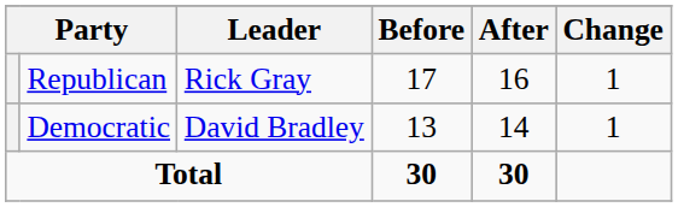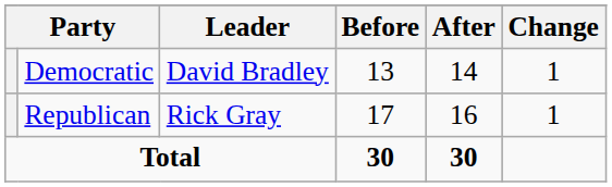 <table class="wikitable" style="text-align:center;">
 <tr>
 </tr>
 <tr>
 <th colspan=2>Party</th>
 <th>Leader</th>
 <th>Before</th>
 <th>After</th>
 <th>Change</th>
 </tr>
 <tr>
 <th style="background-color:"></th>
+<td style="text-align:left;"><a href='#'>Democratic</a></td>
+<td style="text-align:left;"><a href='#'>David Bradley</a></td>
+<td>13</td>
+<td>14</td>
+<td> 1</td>
+</tr>
+<tr>
+<th style="background-color:"></th>
 <td style="text-align:left;"><a href='#'>Republican</a></td>
 <td style="text-align:left;"><a href='#'>Rick Gray</a></td>
 <td>17</td>
 <td>16</td>
-<td> 1</td>
-</tr>
-<tr>
-<th style="background-color:"></th>
-<td style="text-align:left;"><a href='#'>Democratic</a></td>
-<td style="text-align:left;"><a href='#'>David Bradley</a></td>
-<td>13</td>
-<td>14</td>
 <td> 1</td>
 </tr>
 <tr>
 <td colspan=3><strong>Total</strong></td>
 <td><strong>30</strong></td>
 <td><strong>30</strong></td>
 <td></td>
 </tr>
 </table>
